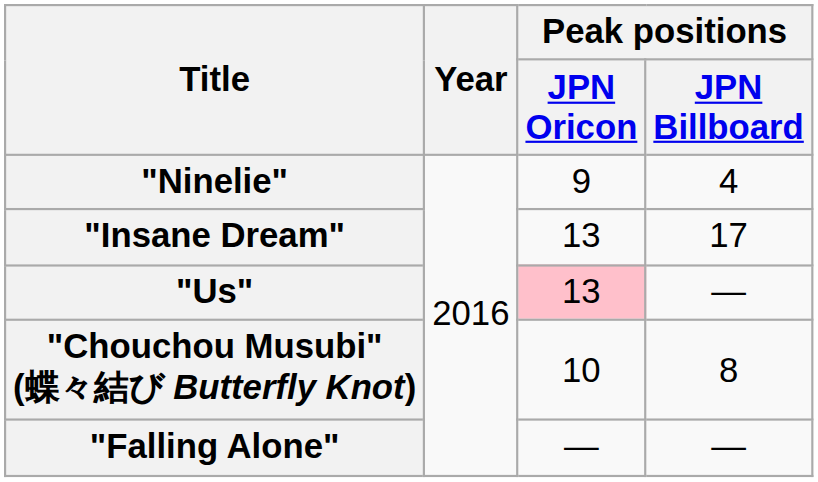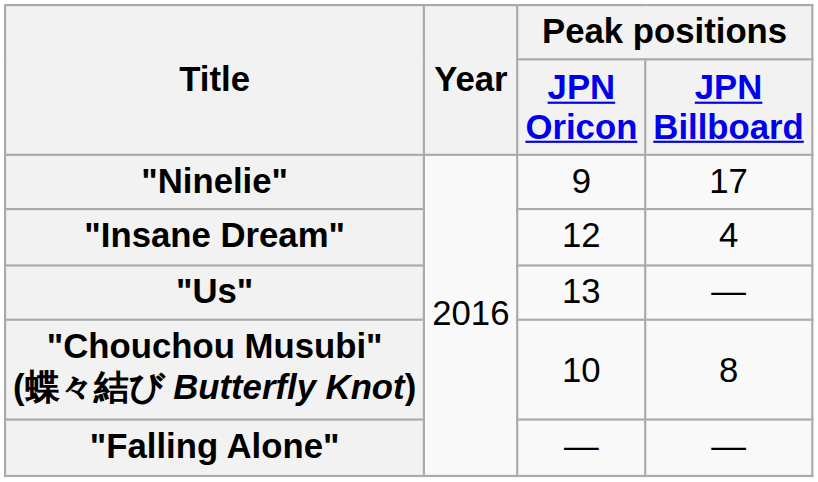 <table class="wikitable plainrowheaders" style="text-align:center;">
 <tr>
 <th scope="col" rowspan="2">Title</th>
 <th scope="col" rowspan="2">Year</th>
 <th scope="col" colspan="2">Peak positions</th>
 </tr>
 <tr>
 <th scope="col" style="width:50px"><a href='#'>JPN<br>Oricon</a><br></th>
 <th scope="col" style="width:50px"><a href='#'>JPN<br>Billboard</a></th>
 </tr>
 <tr>
 <th scope="row">"Ninelie"</th>
 <td rowspan="5">2016</td>
 <td>9</td>
+<td>17</td>
+</tr>
+<tr>
+<th scope="row">"Insane Dream"</th>
+<td>12</td>
 <td>4</td>
 </tr>
 <tr>
-<th scope="row">"Insane Dream"</th>
+<th scope="row">"Us"</th>
 <td>13</td>
-<td>17</td>
-</tr>
-<tr>
-<th scope="row">"Us"</th>
-<td style="background: pink;">13</td>
 <td>—</td>
 </tr>
 <tr>
 <th scope="row">"Chouchou Musubi"<br>(蝶々結び <em>Butterfly Knot</em>)</th>
 <td>10</td>
 <td>8</td>
 </tr>
 <tr>
 <th scope="row">"Falling Alone"</th>
 <td>—</td>
 <td>—</td>
 </tr>
 </table>
